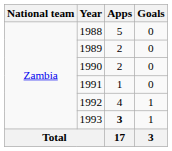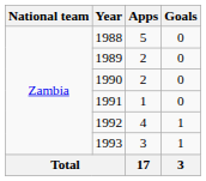 <table class="wikitable" style="text-align: center;">
 <tr>
 <th>National team</th>
 <th>Year</th>
 <th>Apps</th>
 <th>Goals</th>
 </tr>
 <tr>
 <td rowspan="6"><a href='#'>Zambia</a></td>
 <td>1988</td>
 <td>5</td>
 <td>0</td>
 </tr>
 <tr>
 <td>1989</td>
 <td>2</td>
 <td>0</td>
 </tr>
 <tr>
 <td>1990</td>
 <td>2</td>
 <td>0</td>
 </tr>
 <tr>
 <td>1991</td>
 <td>1</td>
 <td>0</td>
 </tr>
 <tr>
 <td>1992</td>
 <td>4</td>
 <td>1</td>
 </tr>
 <tr>
 <td>1993</td>
-<td><strong>3</strong></td>
+<td>3</td>
 <td>1</td>
 </tr>
 <tr>
 <th colspan="2">Total</th>
 <th>17</th>
 <th>3</th>
 </tr>
 </table>
